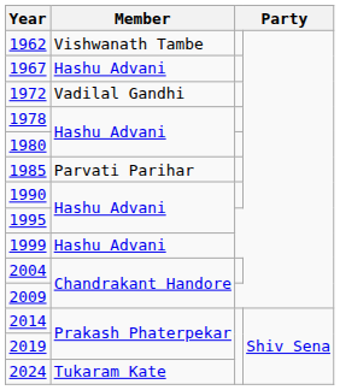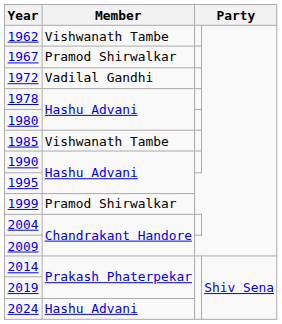 <table class="wikitable">
 <tr>
 <th>Year</th>
 <th>Member</th>
 <th colspan="2">Party</th>
 </tr>
 <tr>
 <td><a href='#'>1962</a></td>
 <td>Vishwanath Tambe</td>
 <td></td>
 </tr>
 <tr>
 <td><a href='#'>1967</a></td>
-<td><a href='#'>Hashu Advani</a></td>
+<td>Pramod Shirwalkar</td>
 <td></td>
 </tr>
 <tr>
 <td><a href='#'>1972</a></td>
 <td>Vadilal Gandhi</td>
 <td></td>
 </tr>
 <tr>
 <td><a href='#'>1978</a></td>
 <td rowspan="2"><a href='#'>Hashu Advani</a></td>
 <td></td>
 </tr>
 <tr>
 <td><a href='#'>1980</a></td>
 <td></td>
 </tr>
 <tr>
 <td><a href='#'>1985</a></td>
-<td>Parvati Parihar</td>
+<td>Vishwanath Tambe</td>
 <td></td>
 </tr>
 <tr>
 <td><a href='#'>1990</a></td>
 <td rowspan="2"><a href='#'>Hashu Advani</a></td>
 <td></td>
 </tr>
 <tr>
 <td><a href='#'>1995</a></td>
 </tr>
 <tr>
 <td><a href='#'>1999</a></td>
-<td><a href='#'>Hashu Advani</a></td>
+<td>Pramod Shirwalkar</td>
 </tr>
 <tr>
 <td><a href='#'>2004</a></td>
 <td rowspan="2"><a href='#'>Chandrakant Handore</a></td>
 <td></td>
 </tr>
 <tr>
 <td><a href='#'>2009</a></td>
 </tr>
 <tr>
 <td><a href='#'>2014</a></td>
 <td rowspan="2"><a href='#'>Prakash Phaterpekar</a></td>
 <td rowspan=3 style="background-color: "></td>
 <td rowspan="3"><a href='#'>Shiv Sena</a></td>
 </tr>
 <tr>
 <td><a href='#'>2019</a></td>
 </tr>
 <tr>
 <td><a href='#'>2024</a></td>
-<td><a href='#'>Tukaram Kate</a></td>
+<td><a href='#'>Hashu Advani</a></td>
 </tr>
 </table>
